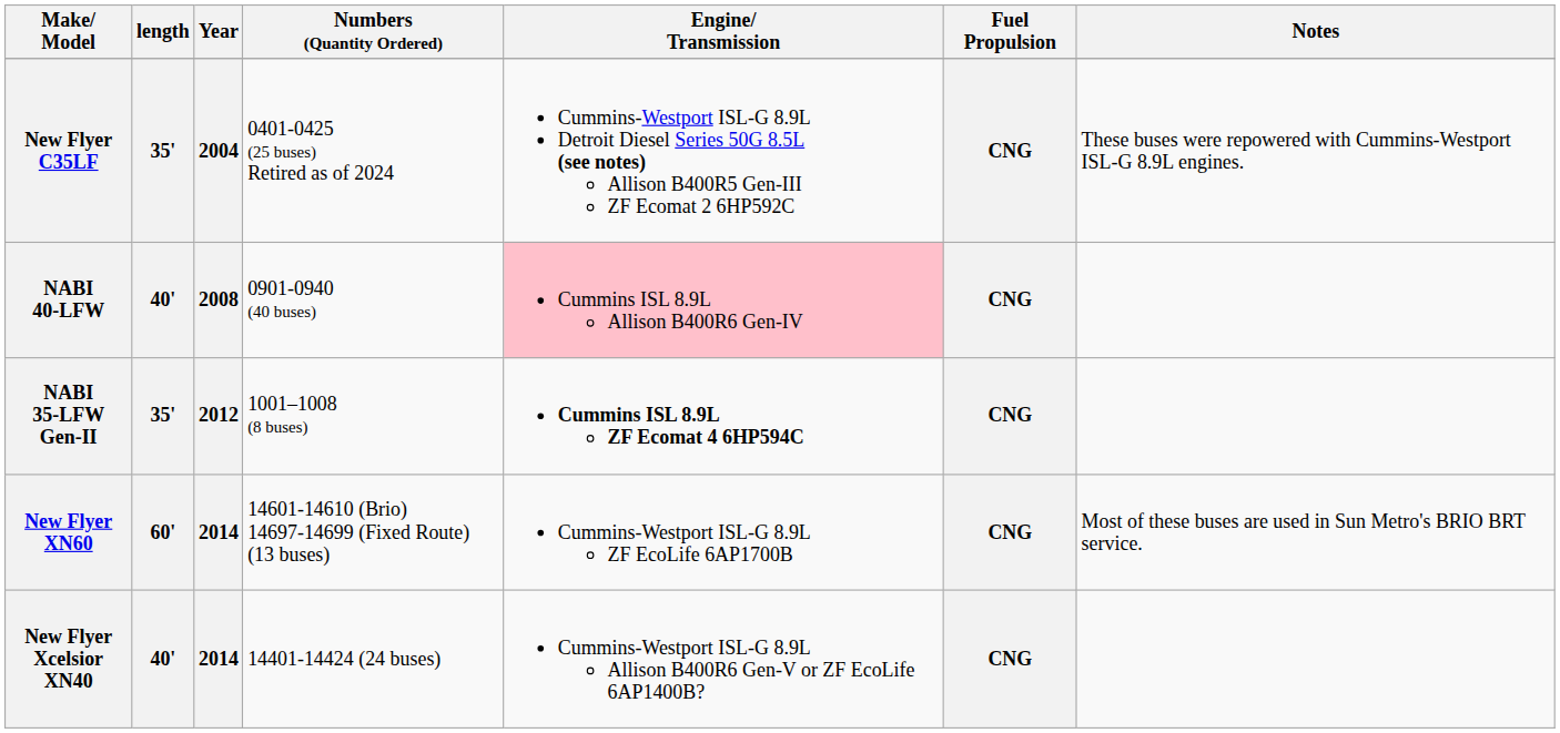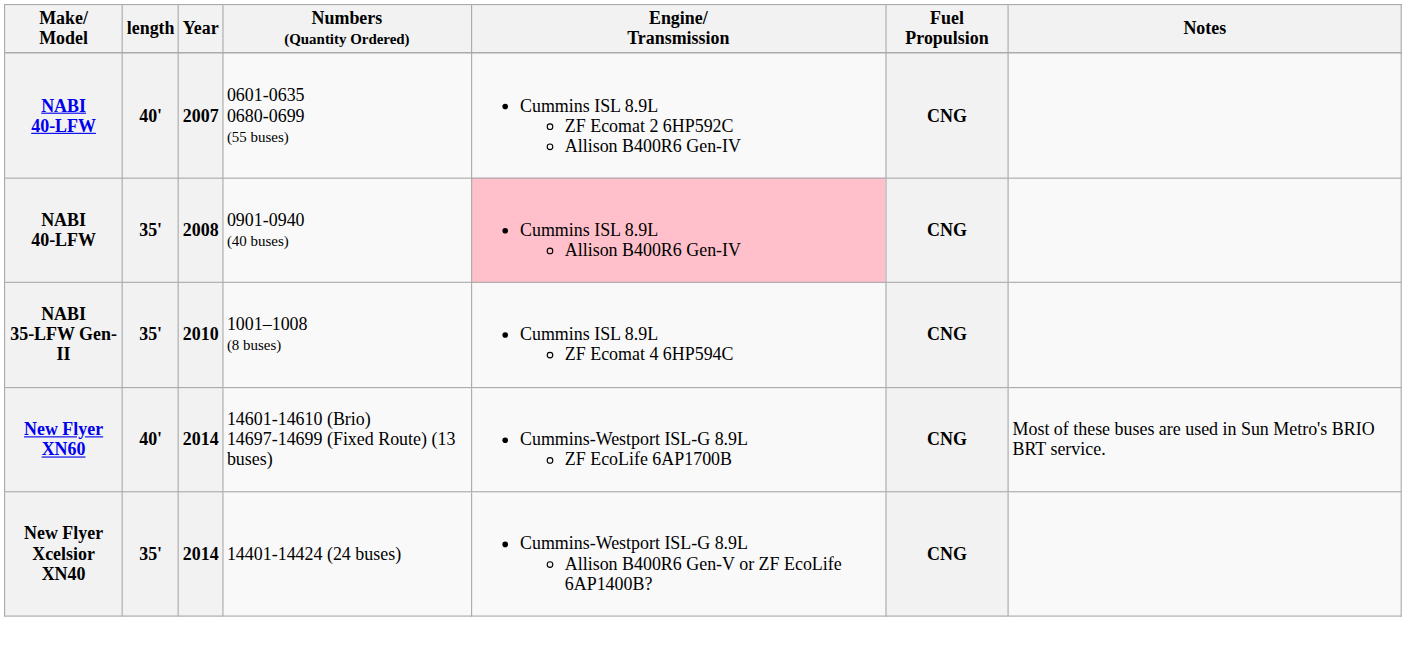 <table class="wikitable" |>
 <tr>
 <th><strong>Make/<br>Model</strong></th>
 <th><strong>length</strong></th>
 <th><strong>Year</strong></th>
 <th><strong>Numbers<br><small>(Quantity Ordered)</small></strong></th>
 <th><strong>Engine/<br>Transmission</strong></th>
 <th><strong>Fuel Propulsion</strong></th>
 <th><strong>Notes</strong></th>
 </tr>
 <tr>
 </tr>
 <tr>
-<th>New Flyer<br> <a href='#'>C35LF</a></th>
-<th>35'</th>
-<th>2004</th>
-<td>0401-0425<br><small>(25 buses)</small><br>Retired as of 2024</td>
-<td><br><ul><li>Cummins-<a href='#'>Westport</a> ISL-G 8.9L</li><li>Detroit Diesel <a href='#'>Series 50G 8.5L</a> <br><strong>(see notes)</strong><ul><li>Allison B400R5 Gen-III</li><li>ZF Ecomat 2 6HP592C</li></ul></li></ul></td>
+<th><a href='#'>NABI</a> <br><a href='#'>40-LFW</a></th>
+<th>40'</th>
+<th>2007</th>
+<td>0601-0635<br> 0680-0699<br><small>(55 buses)</small></td>
+<td><br><ul><li>Cummins ISL 8.9L<ul><li>ZF Ecomat 2 6HP592C</li><li>Allison B400R6 Gen-IV</li></ul></li></ul></td>
 <th>CNG</th>
-<td>These buses were repowered with Cummins-Westport ISL-G 8.9L engines.</td>
+<td></td>
 </tr>
 <tr>
 <th>NABI <br>40-LFW</th>
-<th>40'</th>
+<th>35'</th>
 <th>2008</th>
 <td>0901-0940<br><small>(40 buses)</small></td>
 <td style="background: pink;"><br><ul><li>Cummins ISL 8.9L<ul><li>Allison B400R6 Gen-IV</li></ul></li></ul></td>
 <th>CNG</th>
 <td></td>
 </tr>
 <tr>
 <th>NABI <br>35-LFW Gen-II</th>
 <th>35'</th>
-<th>2012</th>
+<th>2010</th>
 <td>1001–1008<br><small>(8 buses)</small></td>
-<td><strong><br><ul><li>Cummins ISL 8.9L<ul><li>ZF Ecomat 4 6HP594C</li></ul></li></ul></strong></td>
+<td><br><ul><li>Cummins ISL 8.9L<ul><li>ZF Ecomat 4 6HP594C</li></ul></li></ul></td>
 <th>CNG</th>
 <td></td>
 </tr>
 <tr>
 <th><a href='#'>New Flyer</a> <br><a href='#'>XN60</a></th>
-<th>60'</th>
+<th>40'</th>
 <th>2014</th>
 <td>14601-14610 (Brio)<br>14697-14699 (Fixed Route) (13 buses)</td>
 <td><br><ul><li>Cummins-Westport ISL-G 8.9L<ul><li>ZF EcoLife 6AP1700B</li></ul></li></ul></td>
 <th>CNG</th>
 <td>Most of these buses are used in Sun Metro's BRIO BRT service.</td>
 </tr>
 <tr>
 <th>New Flyer <br>Xcelsior XN40</th>
-<th>40'</th>
+<th>35'</th>
 <th>2014</th>
 <td>14401-14424 (24 buses)</td>
 <td><br><ul><li>Cummins-Westport ISL-G 8.9L<ul><li>Allison B400R6 Gen-V or ZF EcoLife 6AP1400B?</li></ul></li></ul></td>
 <th>CNG</th>
 <td></td>
 </tr>
 </table>
